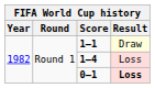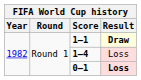 <table class="wikitable" style="text-align: center;">
 <tr>
 <th colspan=4>FIFA World Cup history</th>
 </tr>
 <tr>
 <th>Year</th>
 <th>Round</th>
 <th>Score</th>
 <th>Result</th>
 </tr>
 <tr>
 <td rowspan=3><a href='#'>1982</a></td>
 <td rowspan=3>Round 1</td>
 <td align="left"> <strong>1–1</strong> </td>
-<td bgcolor=#ffffdd>Draw</td>
+<td bgcolor=#ffffdd><strong>Draw</strong></td>
 </tr>
 <tr>
 <td align="left"> <strong>1–4</strong> </td>
 <td bgcolor=#ffdddd>Loss</td>
 </tr>
 <tr>
 <td align="left"> <strong>0–1</strong> </td>
 <td bgcolor=#ffdddd><strong>Loss</strong></td>
 </tr>
 </table>
